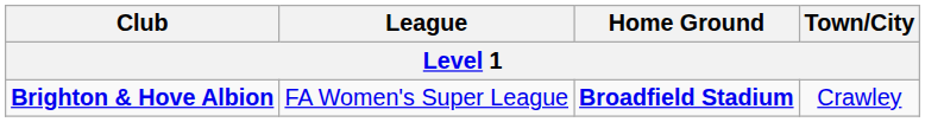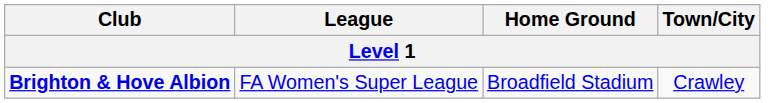 <table class="wikitable" border="1" style="text-align:center;">
 <tr>
 <th>Club</th>
 <th>League</th>
 <th>Home Ground</th>
 <th>Town/City</th>
 </tr>
 <tr>
 <th colspan=5><a href='#'>Level</a> 1</th>
 </tr>
 <tr>
 <td><strong><a href='#'>Brighton & Hove Albion</a></strong></td>
 <td><a href='#'>FA Women's Super League</a></td>
-<td><strong><a href='#'>Broadfield Stadium</a></strong></td>
+<td><a href='#'>Broadfield Stadium</a></td>
 <td><a href='#'>Crawley</a></td>
 </tr>
 </table>
